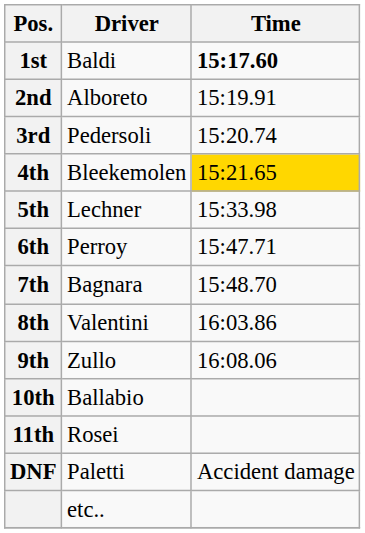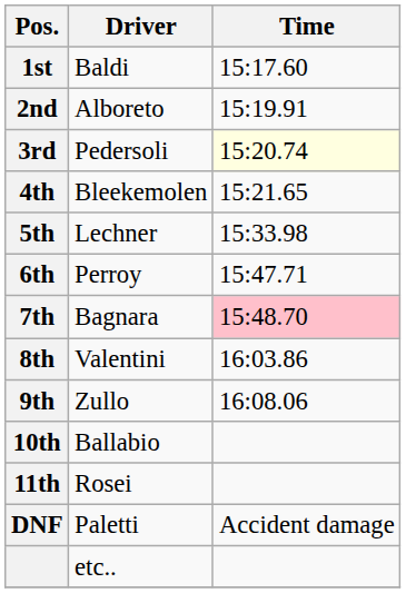 <table class="wikitable" style="font-size: 95%">
 <tr>
 <th>Pos.</th>
 <th>Driver</th>
 <th>Time</th>
 </tr>
 <tr>
 <th>1st</th>
 <td>Baldi</td>
-<td><strong>15:17.60</strong></td>
+<td>15:17.60</td>
 </tr>
 <tr>
 <th>2nd</th>
 <td>Alboreto</td>
 <td>15:19.91</td>
 </tr>
 <tr>
 <th>3rd</th>
 <td>Pedersoli</td>
-<td>15:20.74</td>
+<td style="background: lightyellow;">15:20.74</td>
 </tr>
 <tr>
 <th>4th</th>
 <td>Bleekemolen</td>
-<td style="background: gold;">15:21.65</td>
+<td>15:21.65</td>
 </tr>
 <tr>
 <th>5th</th>
 <td>Lechner</td>
 <td>15:33.98</td>
 </tr>
 <tr>
 <th>6th</th>
 <td>Perroy</td>
 <td>15:47.71</td>
 </tr>
 <tr>
 <th>7th</th>
 <td>Bagnara</td>
-<td>15:48.70</td>
+<td style="background: pink;">15:48.70</td>
 </tr>
 <tr>
 <th>8th</th>
 <td>Valentini</td>
 <td>16:03.86</td>
 </tr>
 <tr>
 <th>9th</th>
 <td>Zullo</td>
 <td>16:08.06</td>
 </tr>
 <tr>
 <th>10th</th>
 <td>Ballabio</td>
 <td></td>
 </tr>
 <tr>
 <th>11th</th>
 <td>Rosei</td>
 <td></td>
 </tr>
 <tr>
 <th>DNF</th>
 <td>Paletti</td>
 <td>Accident damage</td>
 </tr>
 <tr>
 <th></th>
 <td>etc..</td>
 <td></td>
 </tr>
 <tr>
 </tr>
 </table>
